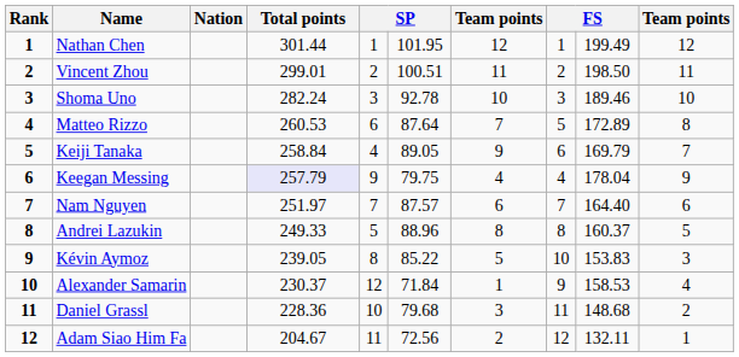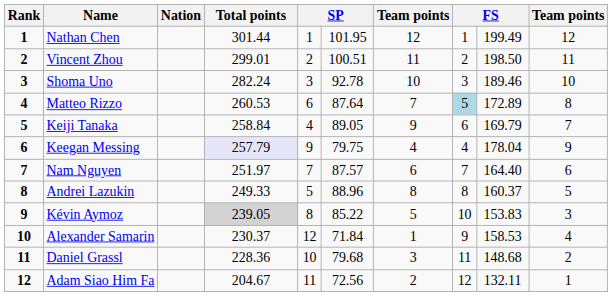 <table class="wikitable sortable">
 <tr>
 <th>Rank</th>
 <th>Name</th>
 <th>Nation</th>
 <th width="100">Total points</th>
 <th width="80" colspan="2"><a href='#'>SP</a></th>
 <th>Team points</th>
 <th width="80" colspan="2"><a href='#'>FS</a></th>
 <th>Team points</th>
 </tr>
 <tr>
 <td style="text-align: center;"><strong>1</strong></td>
 <td><a href='#'>Nathan Chen</a></td>
 <td></td>
 <td style="text-align: center;">301.44</td>
 <td style="text-align: center;">1</td>
 <td style="text-align: center;">101.95</td>
 <td style="text-align: center;">12</td>
 <td style="text-align: center;">1</td>
 <td style="text-align: center;">199.49</td>
 <td style="text-align: center;">12</td>
 </tr>
 <tr>
 <td style="text-align: center;"><strong>2</strong></td>
 <td><a href='#'>Vincent Zhou</a></td>
 <td></td>
 <td style="text-align: center;">299.01</td>
 <td style="text-align: center;">2</td>
 <td style="text-align: center;">100.51</td>
 <td style="text-align: center;">11</td>
 <td style="text-align: center;">2</td>
 <td style="text-align: center;">198.50</td>
 <td style="text-align: center;">11</td>
 </tr>
 <tr>
 <td style="text-align: center;"><strong>3</strong></td>
 <td><a href='#'>Shoma Uno</a></td>
 <td></td>
 <td style="text-align: center;">282.24</td>
 <td style="text-align: center;">3</td>
 <td style="text-align: center;">92.78</td>
 <td style="text-align: center;">10</td>
 <td style="text-align: center;">3</td>
 <td style="text-align: center;">189.46</td>
 <td style="text-align: center;">10</td>
 </tr>
 <tr>
 <td style="text-align: center;"><strong>4</strong></td>
 <td><a href='#'>Matteo Rizzo</a></td>
 <td></td>
 <td style="text-align: center;">260.53</td>
 <td style="text-align: center;">6</td>
 <td style="text-align: center;">87.64</td>
 <td style="text-align: center;">7</td>
-<td style="text-align: center;">5</td>
+<td style="background: lightblue; text-align: center;">5</td>
 <td style="text-align: center;">172.89</td>
 <td style="text-align: center;">8</td>
 </tr>
 <tr>
 <td style="text-align: center;"><strong>5</strong></td>
 <td><a href='#'>Keiji Tanaka</a></td>
 <td></td>
 <td style="text-align: center;">258.84</td>
 <td style="text-align: center;">4</td>
 <td style="text-align: center;">89.05</td>
 <td style="text-align: center;">9</td>
 <td style="text-align: center;">6</td>
 <td style="text-align: center;">169.79</td>
 <td style="text-align: center;">7</td>
 </tr>
 <tr>
 <td style="text-align: center;"><strong>6</strong></td>
 <td><a href='#'>Keegan Messing</a></td>
 <td></td>
 <td style="background: lavender; text-align: center;">257.79</td>
 <td style="text-align: center;">9</td>
 <td style="text-align: center;">79.75</td>
 <td style="text-align: center;">4</td>
 <td style="text-align: center;">4</td>
 <td style="text-align: center;">178.04</td>
 <td style="text-align: center;">9</td>
 </tr>
 <tr>
 <td style="text-align: center;"><strong>7</strong></td>
 <td><a href='#'>Nam Nguyen</a></td>
 <td></td>
 <td style="text-align: center;">251.97</td>
 <td style="text-align: center;">7</td>
 <td style="text-align: center;">87.57</td>
 <td style="text-align: center;">6</td>
 <td style="text-align: center;">7</td>
 <td style="text-align: center;">164.40</td>
 <td style="text-align: center;">6</td>
 </tr>
 <tr>
 <td style="text-align: center;"><strong>8</strong></td>
 <td><a href='#'>Andrei Lazukin</a></td>
 <td></td>
 <td style="text-align: center;">249.33</td>
 <td style="text-align: center;">5</td>
 <td style="text-align: center;">88.96</td>
 <td style="text-align: center;">8</td>
 <td style="text-align: center;">8</td>
 <td style="text-align: center;">160.37</td>
 <td style="text-align: center;">5</td>
 </tr>
 <tr>
 <td style="text-align: center;"><strong>9</strong></td>
 <td><a href='#'>Kévin Aymoz</a></td>
 <td></td>
-<td style="text-align: center;">239.05</td>
+<td style="background: lightgrey; text-align: center;">239.05</td>
 <td style="text-align: center;">8</td>
 <td style="text-align: center;">85.22</td>
 <td style="text-align: center;">5</td>
 <td style="text-align: center;">10</td>
 <td style="text-align: center;">153.83</td>
 <td style="text-align: center;">3</td>
 </tr>
 <tr>
 <td style="text-align: center;"><strong>10</strong></td>
 <td><a href='#'>Alexander Samarin</a></td>
 <td></td>
 <td style="text-align: center;">230.37</td>
 <td style="text-align: center;">12</td>
 <td style="text-align: center;">71.84</td>
 <td style="text-align: center;">1</td>
 <td style="text-align: center;">9</td>
 <td style="text-align: center;">158.53</td>
 <td style="text-align: center;">4</td>
 </tr>
 <tr>
 <td style="text-align: center;"><strong>11</strong></td>
 <td><a href='#'>Daniel Grassl</a></td>
 <td></td>
 <td style="text-align: center;">228.36</td>
 <td style="text-align: center;">10</td>
 <td style="text-align: center;">79.68</td>
 <td style="text-align: center;">3</td>
 <td style="text-align: center;">11</td>
 <td style="text-align: center;">148.68</td>
 <td style="text-align: center;">2</td>
 </tr>
 <tr>
 <td style="text-align: center;"><strong>12</strong></td>
 <td><a href='#'>Adam Siao Him Fa</a></td>
 <td></td>
 <td style="text-align: center;">204.67</td>
 <td style="text-align: center;">11</td>
 <td style="text-align: center;">72.56</td>
 <td style="text-align: center;">2</td>
 <td style="text-align: center;">12</td>
 <td style="text-align: center;">132.11</td>
 <td style="text-align: center;">1</td>
 </tr>
 </table>
